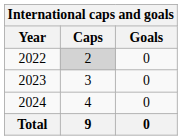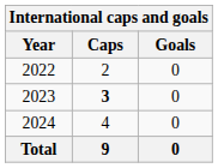 <table class="wikitable sortable" style="text-align:center">
 <tr>
 <th colspan="3">International caps and goals</th>
 </tr>
 <tr>
 <th>Year</th>
 <th>Caps</th>
 <th>Goals</th>
 </tr>
 <tr>
 <td>2022</td>
-<td style="background: lightgrey;">2</td>
+<td>2</td>
 <td>0</td>
 </tr>
 <tr>
 <td>2023</td>
-<td>3</td>
+<td><strong>3</strong></td>
 <td>0</td>
 </tr>
 <tr>
 <td>2024</td>
 <td>4</td>
 <td>0</td>
 </tr>
 <tr>
 <th>Total</th>
 <th>9</th>
 <th>0</th>
 </tr>
 </table>
